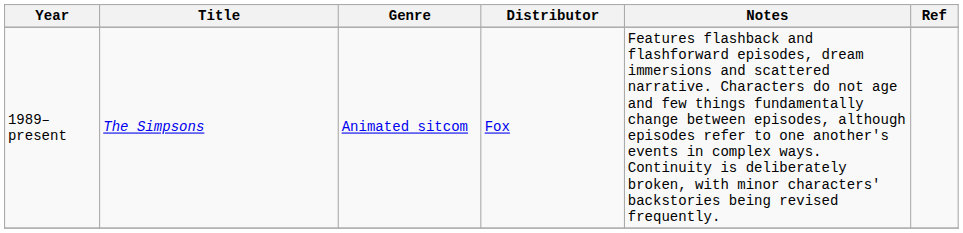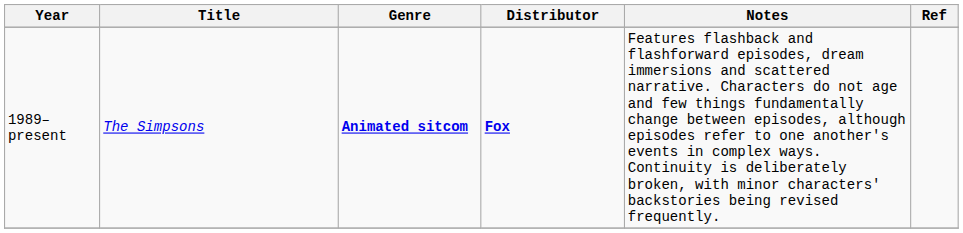 <table class="wikitable sortable" style="width:100%; font-size:100%;">
 <tr>
 <th style="width:10%;">Year</th>
 <th style="width:25%;">Title</th>
 <th style="width:15%;">Genre</th>
 <th style="width:15%;">Distributor</th>
 <th style="width:30%;">Notes</th>
 <th style="width:5%;">Ref</th>
 </tr>
 <tr>
 </tr>
 <tr>
 <td>1989–present</td>
 <td><em><a href='#'>The Simpsons</a></em></td>
-<td><a href='#'>Animated sitcom</a></td>
-<td><a href='#'>Fox</a></td>
+<td><strong><a href='#'>Animated sitcom</a></strong></td>
+<td><strong><a href='#'>Fox</a></strong></td>
 <td>Features flashback and flashforward episodes, dream immersions and scattered narrative. Characters do not age and few things fundamentally change between episodes, although episodes refer to one another's events in complex ways. Continuity is deliberately broken, with minor characters' backstories being revised frequently.</td>
 <td></td>
 </tr>
 <tr>
 </tr>
 </table>
